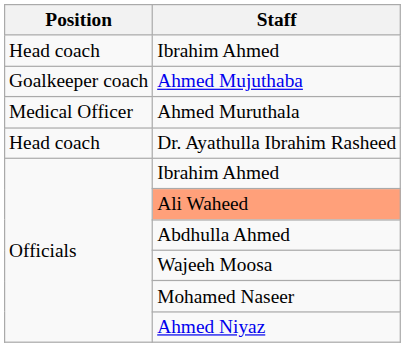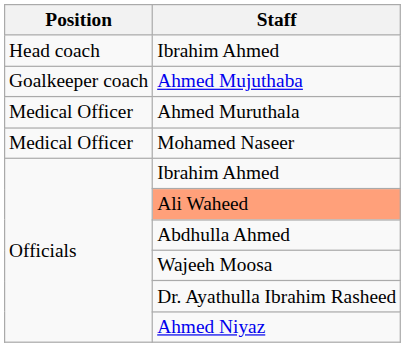 <table class="wikitable">
 <tr>
 <th>Position</th>
 <th>Staff</th>
 </tr>
 <tr>
 <td>Head coach</td>
 <td> Ibrahim Ahmed</td>
 </tr>
 <tr>
 <td>Goalkeeper coach</td>
 <td> <a href='#'>Ahmed Mujuthaba</a></td>
 </tr>
 <tr>
 <td>Medical Officer</td>
 <td> Ahmed Muruthala</td>
 </tr>
 <tr>
-<td>Head coach</td>
-<td> Dr. Ayathulla Ibrahim Rasheed</td>
+<td>Medical Officer</td>
+<td> Mohamed Naseer</td>
 </tr>
 <tr>
 <td rowspan="6">Officials</td>
 <td> Ibrahim Ahmed</td>
 </tr>
 <tr>
 <td style="background: lightsalmon;"> Ali Waheed</td>
 </tr>
 <tr>
 <td> Abdhulla Ahmed</td>
 </tr>
 <tr>
 <td> Wajeeh Moosa</td>
 </tr>
 <tr>
-<td> Mohamed Naseer</td>
+<td> Dr. Ayathulla Ibrahim Rasheed</td>
 </tr>
 <tr>
 <td> <a href='#'>Ahmed Niyaz</a></td>
 </tr>
 </table>
